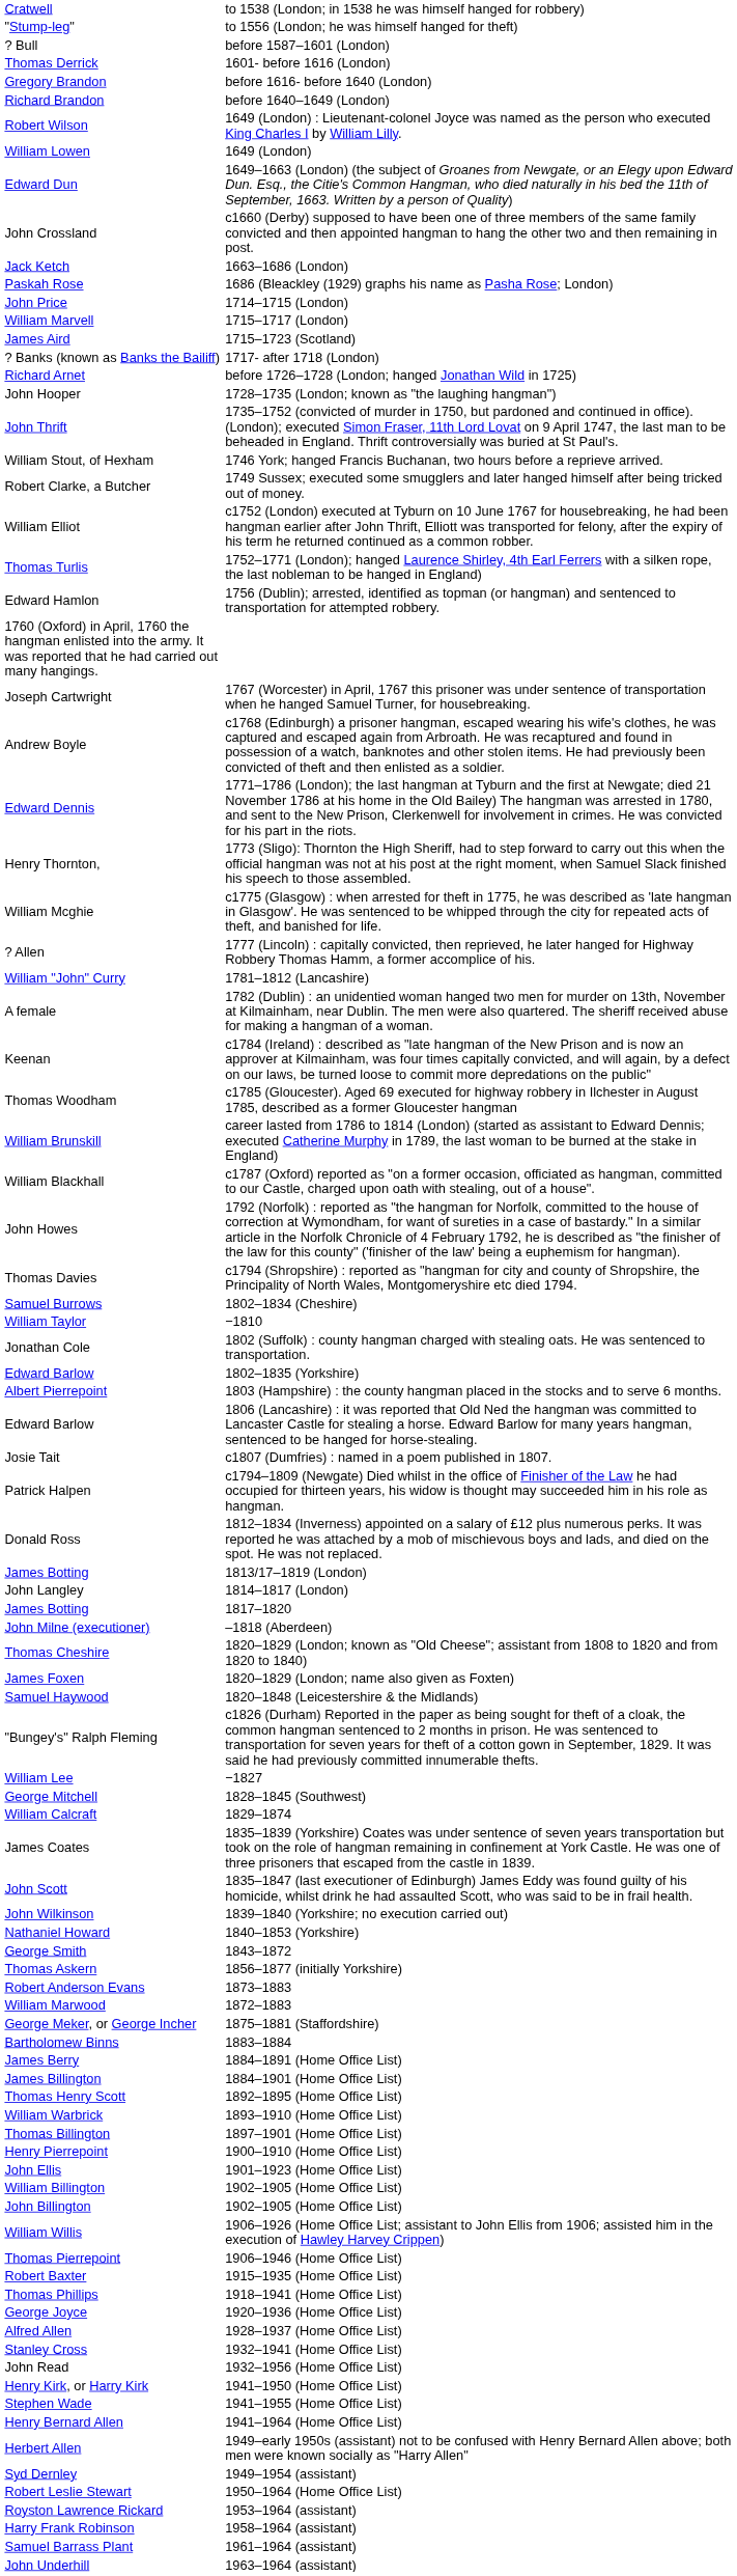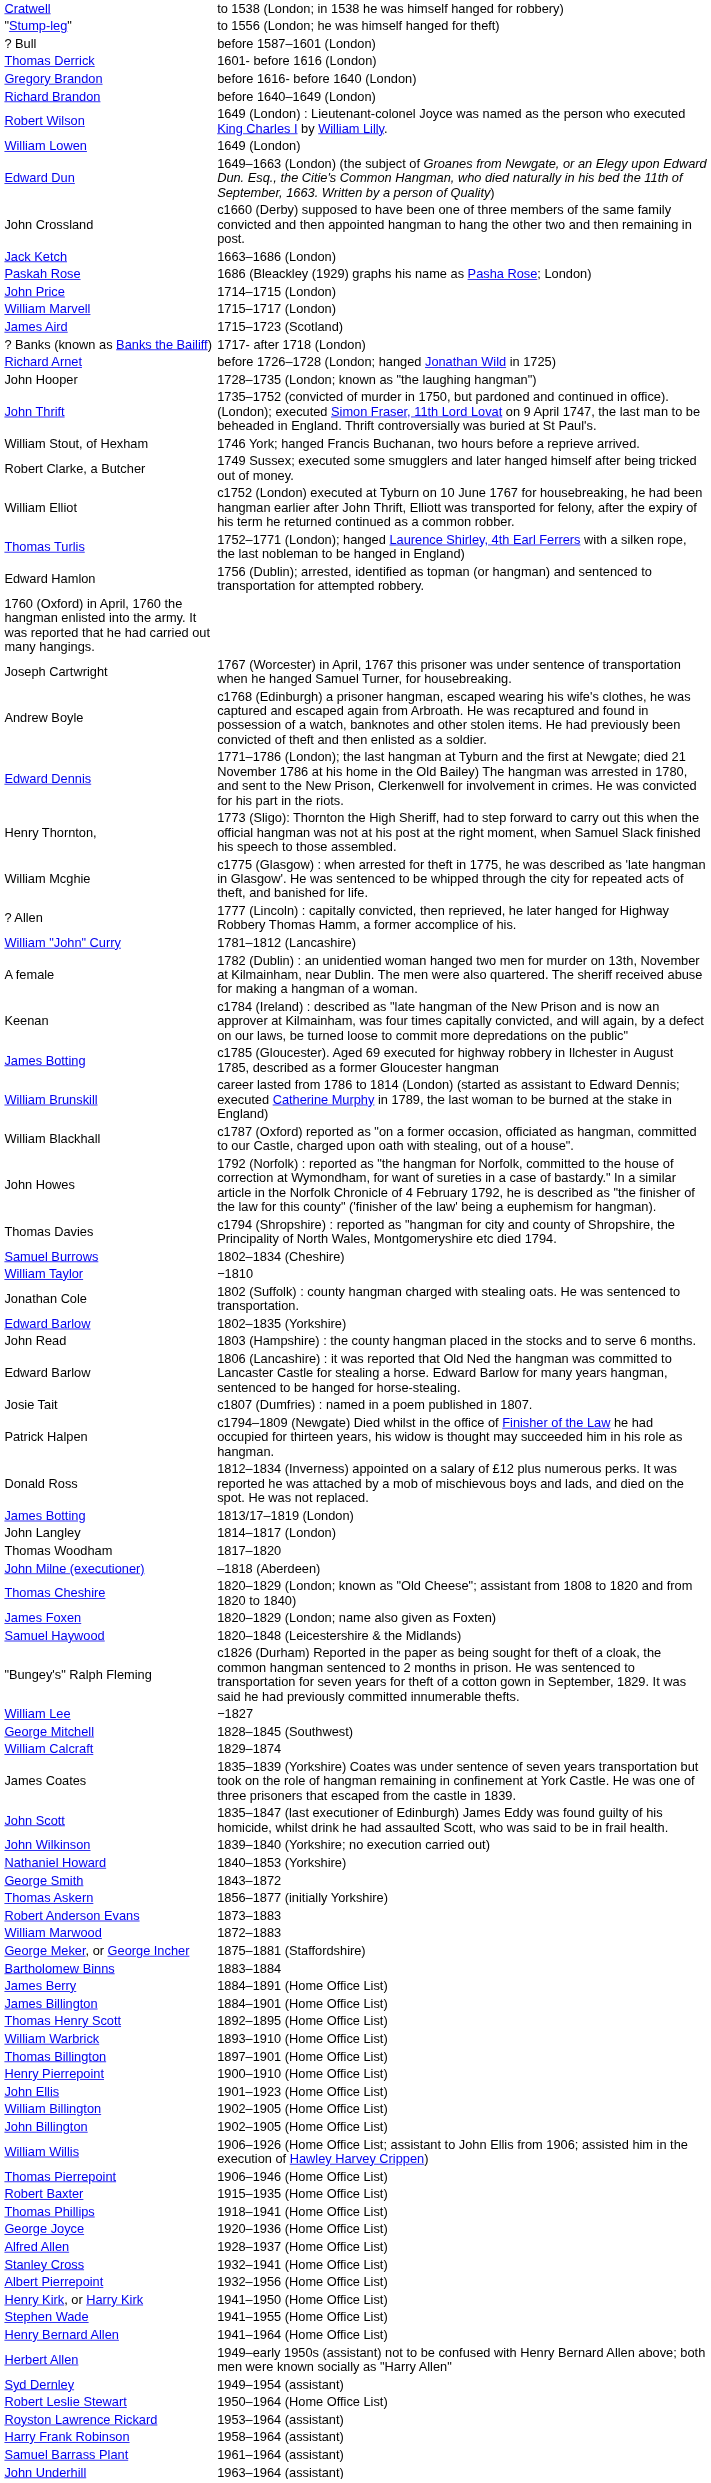 <table>
 <tr>
 <td><a href='#'>Cratwell</a></td>
 <td>to 1538 (London; in 1538 he was himself hanged for robbery)</td>
 </tr>
 <tr>
 <td>"<a href='#'>Stump-leg</a>"</td>
 <td>to 1556 (London; he was himself hanged for theft)</td>
 </tr>
 <tr>
 <td>? Bull</td>
 <td>before 1587–1601 (London)</td>
 </tr>
 <tr>
 <td><a href='#'>Thomas Derrick</a></td>
 <td>1601- before 1616 (London)</td>
 </tr>
 <tr>
 <td><a href='#'>Gregory Brandon</a></td>
 <td>before 1616- before 1640 (London)</td>
 </tr>
 <tr>
 <td><a href='#'>Richard Brandon</a></td>
 <td>before 1640–1649 (London)</td>
 </tr>
 <tr>
 <td><a href='#'>Robert Wilson</a></td>
 <td>1649 (London) : Lieutenant-colonel Joyce was named as the person who executed <a href='#'>King Charles I</a> by <a href='#'>William Lilly</a>.</td>
 </tr>
 <tr>
 <td><a href='#'>William Lowen</a></td>
 <td>1649 (London)</td>
 </tr>
 <tr>
 <td><a href='#'>Edward Dun</a></td>
 <td>1649–1663 (London) (the subject of <em>Groanes from Newgate, or an Elegy upon Edward Dun. Esq., the Citie's Common Hangman, who died naturally in his bed the 11th of September, 1663. Written by a person of Quality</em>)</td>
 </tr>
 <tr>
 <td>John Crossland</td>
 <td>c1660 (Derby) supposed to have been one of three members of the same family convicted and then appointed hangman to hang the other two and then remaining in post.</td>
 </tr>
 <tr>
 <td><a href='#'>Jack Ketch</a></td>
 <td>1663–1686 (London)</td>
 </tr>
 <tr>
 <td><a href='#'>Paskah Rose</a></td>
 <td>1686 (Bleackley (1929) graphs his name as <a href='#'>Pasha Rose</a>; London)</td>
 </tr>
 <tr>
 <td><a href='#'>John Price</a></td>
 <td>1714–1715 (London)</td>
 </tr>
 <tr>
 <td><a href='#'>William Marvell</a></td>
 <td>1715–1717 (London)</td>
 </tr>
 <tr>
 <td><a href='#'>James Aird</a></td>
 <td>1715–1723 (Scotland)</td>
 </tr>
 <tr>
 <td>? Banks (known as <a href='#'>Banks the Bailiff</a>)</td>
 <td>1717- after 1718 (London)</td>
 </tr>
 <tr>
 <td><a href='#'>Richard Arnet</a></td>
 <td>before 1726–1728 (London; hanged <a href='#'>Jonathan Wild</a> in 1725)</td>
 </tr>
 <tr>
 <td>John Hooper</td>
 <td>1728–1735 (London; known as "the laughing hangman")</td>
 </tr>
 <tr>
 <td><a href='#'>John Thrift</a></td>
 <td>1735–1752 (convicted of murder in 1750, but pardoned and continued in office). (London); executed <a href='#'>Simon Fraser, 11th Lord Lovat</a> on 9 April 1747, the last man to be beheaded in England. Thrift controversially was buried at St Paul's.</td>
 </tr>
 <tr>
 <td>William Stout, of Hexham</td>
 <td>1746 York; hanged Francis Buchanan, two hours before a reprieve arrived.</td>
 </tr>
 <tr>
 <td>Robert Clarke, a Butcher</td>
 <td>1749 Sussex; executed some smugglers and later hanged himself after being tricked out of money.</td>
 </tr>
 <tr>
 <td>William Elliot</td>
 <td>c1752 (London) executed at Tyburn on 10 June 1767 for housebreaking, he had been hangman earlier after John Thrift, Elliott was transported for felony, after the expiry of his term he returned continued as a common robber.</td>
 </tr>
 <tr>
 <td><a href='#'>Thomas Turlis</a></td>
 <td>1752–1771 (London); hanged <a href='#'>Laurence Shirley, 4th Earl Ferrers</a> with a silken rope, the last nobleman to be hanged in England)</td>
 </tr>
 <tr>
 <td>Edward Hamlon</td>
 <td>1756 (Dublin); arrested, identified as topman (or hangman) and sentenced to transportation for attempted robbery.</td>
 </tr>
 <tr>
 <td James Crosier>1760 (Oxford) in April, 1760 the hangman enlisted into the army. It was reported that he had carried out many hangings.</td>
 </tr>
 <tr>
 <td>Joseph Cartwright</td>
 <td>1767 (Worcester) in April, 1767 this prisoner was under sentence of transportation when he hanged Samuel Turner, for housebreaking.</td>
 </tr>
 <tr>
 <td>Andrew Boyle</td>
 <td>c1768 (Edinburgh) a prisoner hangman, escaped wearing his wife's clothes, he was captured and escaped again from Arbroath. He was recaptured and found in possession of a watch, banknotes and other stolen items. He had previously been convicted of theft and then enlisted as a soldier.</td>
 </tr>
 <tr>
 <td><a href='#'>Edward Dennis</a></td>
 <td>1771–1786 (London); the last hangman at Tyburn and the first at Newgate; died 21 November 1786 at his home in the Old Bailey) The hangman was arrested in 1780, and sent to the New Prison, Clerkenwell for involvement in crimes. He was convicted for his part in the riots.</td>
 </tr>
 <tr>
 <td>Henry Thornton,</td>
 <td>1773 (Sligo): Thornton the High Sheriff, had to step forward to carry out this when the official hangman was not at his post at the right moment, when Samuel Slack finished his speech to those assembled.</td>
 </tr>
 <tr>
 <td>William Mcghie</td>
 <td>c1775 (Glasgow) : when arrested for theft in 1775, he was described as 'late hangman in Glasgow'. He was sentenced to be whipped through the city for repeated acts of theft, and banished for life.</td>
 </tr>
 <tr>
 <td>? Allen</td>
 <td>1777 (Lincoln) : capitally convicted, then reprieved, he later hanged for Highway Robbery Thomas Hamm, a former accomplice of his.</td>
 </tr>
 <tr>
 <td><a href='#'>William "John" Curry</a></td>
 <td>1781–1812 (Lancashire)</td>
 </tr>
 <tr>
 <td>A female</td>
 <td>1782 (Dublin) : an unidentied woman hanged two men for murder on 13th, November at Kilmainham, near Dublin. The men were also quartered. The sheriff received abuse for making a hangman of a woman.</td>
 </tr>
 <tr>
 <td>Keenan</td>
 <td>c1784 (Ireland) : described as "late hangman of the New Prison and is now an approver at Kilmainham, was four times capitally convicted, and will again, by a defect on our laws, be turned loose to commit more depredations on the public"</td>
 </tr>
 <tr>
-<td>Thomas Woodham</td>
+<td><a href='#'>James Botting</a></td>
 <td>c1785 (Gloucester). Aged 69 executed for highway robbery in Ilchester in August 1785, described as a former Gloucester hangman</td>
 </tr>
 <tr>
 <td><a href='#'>William Brunskill</a></td>
 <td>career lasted from 1786 to 1814 (London) (started as assistant to Edward Dennis; executed <a href='#'>Catherine Murphy</a> in 1789, the last woman to be burned at the stake in England)</td>
 </tr>
 <tr>
 <td>William Blackhall</td>
 <td>c1787 (Oxford) reported as "on a former occasion, officiated as hangman, committed to our Castle, charged upon oath with stealing, out of a house".</td>
 </tr>
 <tr>
 <td>John Howes</td>
 <td>1792 (Norfolk) : reported as "the hangman for Norfolk, committed to the house of correction at Wymondham, for want of sureties in a case of bastardy." In a similar article in the Norfolk Chronicle of 4 February 1792, he is described as "the finisher of the law for this county" ('finisher of the law' being a euphemism for hangman).</td>
 </tr>
 <tr>
 <td>Thomas Davies</td>
 <td>c1794 (Shropshire) : reported as "hangman for city and county of Shropshire, the Principality of North Wales, Montgomeryshire etc died 1794.</td>
 </tr>
 <tr>
 <td><a href='#'>Samuel Burrows</a></td>
 <td>1802–1834 (Cheshire)</td>
 </tr>
 <tr>
 <td><a href='#'>William Taylor</a></td>
 <td>−1810</td>
 </tr>
 <tr>
 <td>Jonathan Cole</td>
 <td>1802 (Suffolk) : county hangman charged with stealing oats. He was sentenced to transportation.</td>
 </tr>
 <tr>
 <td><a href='#'>Edward Barlow</a></td>
 <td>1802–1835 (Yorkshire)</td>
 </tr>
 <tr>
-<td><a href='#'>Albert Pierrepoint</a></td>
+<td>John Read</td>
 <td>1803 (Hampshire) : the county hangman placed in the stocks and to serve 6 months.</td>
 </tr>
 <tr>
 <td>Edward Barlow</td>
 <td>1806 (Lancashire) : it was reported that Old Ned the hangman was committed to Lancaster Castle for stealing a horse. Edward Barlow for many years hangman, sentenced to be hanged for horse-stealing.</td>
 </tr>
 <tr>
 <td>Josie Tait</td>
 <td>c1807 (Dumfries) : named in a poem published in 1807.</td>
 </tr>
 <tr>
 <td>Patrick Halpen</td>
 <td>c1794–1809 (Newgate) Died whilst in the office of <a href='#'>Finisher of the Law</a>  he had occupied for thirteen years, his widow is thought may succeeded him in his role as hangman.</td>
 </tr>
 <tr>
 <td>Donald Ross</td>
 <td>1812–1834 (Inverness) appointed on a salary of £12 plus numerous perks. It was reported he was attached by a mob of mischievous boys and lads, and died on the spot. He was not replaced.</td>
 </tr>
 <tr>
 <td><a href='#'>James Botting</a></td>
 <td>1813/17–1819 (London)</td>
 </tr>
 <tr>
 <td>John Langley</td>
 <td>1814–1817 (London)</td>
 </tr>
 <tr>
-<td><a href='#'>James Botting</a></td>
+<td>Thomas Woodham</td>
 <td>1817–1820</td>
 </tr>
 <tr>
 <td><a href='#'>John Milne (executioner)</a></td>
 <td>–1818 (Aberdeen)</td>
 </tr>
 <tr>
 <td><a href='#'>Thomas Cheshire</a></td>
 <td>1820–1829 (London; known as "Old Cheese"; assistant from 1808 to 1820 and from 1820 to 1840)</td>
 </tr>
 <tr>
 <td><a href='#'>James Foxen</a></td>
 <td>1820–1829 (London; name also given as Foxten)</td>
 </tr>
 <tr>
 <td><a href='#'>Samuel Haywood</a></td>
 <td>1820–1848 (Leicestershire & the Midlands)</td>
 </tr>
 <tr>
 <td>"Bungey's" Ralph Fleming</td>
 <td>c1826 (Durham) Reported in the paper as being sought for theft of a cloak, the common hangman sentenced to 2 months in prison. He was sentenced to transportation for seven years for theft of a cotton gown in September, 1829. It was said he had previously committed innumerable thefts.</td>
 </tr>
 <tr>
 <td><a href='#'>William Lee</a></td>
 <td>−1827</td>
 </tr>
 <tr>
 <td><a href='#'>George Mitchell</a></td>
 <td>1828–1845 (Southwest)</td>
 </tr>
 <tr>
 <td><a href='#'>William Calcraft</a></td>
 <td>1829–1874</td>
 </tr>
 <tr>
 <td>James Coates</td>
 <td>1835–1839 (Yorkshire) Coates was under sentence of seven years transportation but took on the role of hangman remaining in confinement at York Castle. He was one of three prisoners that escaped from the castle in 1839.</td>
 </tr>
 <tr>
 <td><a href='#'>John Scott</a></td>
 <td>1835–1847 (last executioner of Edinburgh) James Eddy was found guilty of his homicide, whilst drink he had assaulted Scott, who was said to be in frail health.</td>
 </tr>
 <tr>
 <td><a href='#'>John Wilkinson</a></td>
 <td>1839–1840 (Yorkshire; no execution carried out)</td>
 </tr>
 <tr>
 <td><a href='#'>Nathaniel Howard</a></td>
 <td>1840–1853 (Yorkshire)</td>
 </tr>
 <tr>
 <td><a href='#'>George Smith</a></td>
 <td>1843–1872</td>
 </tr>
 <tr>
 <td><a href='#'>Thomas Askern</a></td>
 <td>1856–1877 (initially Yorkshire)</td>
 </tr>
 <tr>
 <td><a href='#'>Robert Anderson Evans</a></td>
 <td>1873–1883</td>
 </tr>
 <tr>
 <td><a href='#'>William Marwood</a></td>
 <td>1872–1883</td>
 </tr>
 <tr>
 <td><a href='#'>George Meker</a>, or <a href='#'>George Incher</a></td>
 <td>1875–1881 (Staffordshire)</td>
 </tr>
 <tr>
 <td><a href='#'>Bartholomew Binns</a></td>
 <td>1883–1884</td>
 </tr>
 <tr>
 <td><a href='#'>James Berry</a></td>
 <td>1884–1891 (Home Office List)</td>
 </tr>
 <tr>
 <td><a href='#'>James Billington</a></td>
 <td>1884–1901 (Home Office List)</td>
 </tr>
 <tr>
 <td><a href='#'>Thomas Henry Scott</a></td>
 <td>1892–1895 (Home Office List)</td>
 </tr>
 <tr>
 <td><a href='#'>William Warbrick</a></td>
 <td>1893–1910 (Home Office List)</td>
 </tr>
 <tr>
 <td><a href='#'>Thomas Billington</a></td>
 <td>1897–1901 (Home Office List)</td>
 </tr>
 <tr>
 <td><a href='#'>Henry Pierrepoint</a></td>
 <td>1900–1910 (Home Office List)</td>
 </tr>
 <tr>
 <td><a href='#'>John Ellis</a></td>
 <td>1901–1923 (Home Office List)</td>
 </tr>
 <tr>
 <td><a href='#'>William Billington</a></td>
 <td>1902–1905 (Home Office List)</td>
 </tr>
 <tr>
 <td><a href='#'>John Billington</a></td>
 <td>1902–1905 (Home Office List)</td>
 </tr>
 <tr>
 <td><a href='#'>William Willis</a></td>
 <td>1906–1926 (Home Office List; assistant to John Ellis from 1906; assisted him in the execution of <a href='#'>Hawley Harvey Crippen</a>)</td>
 </tr>
 <tr>
 <td><a href='#'>Thomas Pierrepoint</a></td>
 <td>1906–1946 (Home Office List)</td>
 </tr>
 <tr>
 <td><a href='#'>Robert Baxter</a></td>
 <td>1915–1935 (Home Office List)</td>
 </tr>
 <tr>
 <td><a href='#'>Thomas Phillips</a></td>
 <td>1918–1941 (Home Office List)</td>
 </tr>
 <tr>
 <td><a href='#'>George Joyce</a></td>
 <td>1920–1936 (Home Office List)</td>
 </tr>
 <tr>
 <td><a href='#'>Alfred Allen</a></td>
 <td>1928–1937 (Home Office List)</td>
 </tr>
 <tr>
 <td><a href='#'>Stanley Cross</a></td>
 <td>1932–1941 (Home Office List)</td>
 </tr>
 <tr>
-<td>John Read</td>
+<td><a href='#'>Albert Pierrepoint</a></td>
 <td>1932–1956 (Home Office List)</td>
 </tr>
 <tr>
 <td><a href='#'>Henry Kirk</a>, or <a href='#'>Harry Kirk</a></td>
 <td>1941–1950 (Home Office List)</td>
 </tr>
 <tr>
 <td><a href='#'>Stephen Wade</a></td>
 <td>1941–1955 (Home Office List)</td>
 </tr>
 <tr>
 <td><a href='#'>Henry Bernard Allen</a></td>
 <td>1941–1964 (Home Office List)</td>
 </tr>
 <tr>
 <td><a href='#'>Herbert Allen</a></td>
 <td>1949–early 1950s (assistant) not to be confused with Henry Bernard Allen above; both men were known socially as "Harry Allen"</td>
 </tr>
 <tr>
 <td><a href='#'>Syd Dernley</a></td>
 <td>1949–1954 (assistant)</td>
 </tr>
 <tr>
 <td><a href='#'>Robert Leslie Stewart</a></td>
 <td>1950–1964 (Home Office List)</td>
 </tr>
 <tr>
 <td><a href='#'>Royston Lawrence Rickard</a></td>
 <td>1953–1964 (assistant)</td>
 </tr>
 <tr>
 <td><a href='#'>Harry Frank Robinson</a></td>
 <td>1958–1964 (assistant)</td>
 </tr>
 <tr>
 <td><a href='#'>Samuel Barrass Plant</a></td>
 <td>1961–1964 (assistant)</td>
 </tr>
 <tr>
 <td><a href='#'>John Underhill</a></td>
 <td>1963–1964 (assistant)</td>
 </tr>
 </table>
